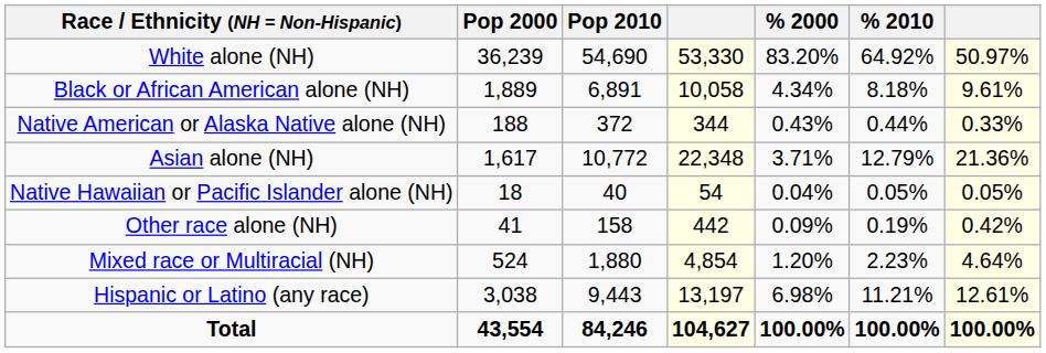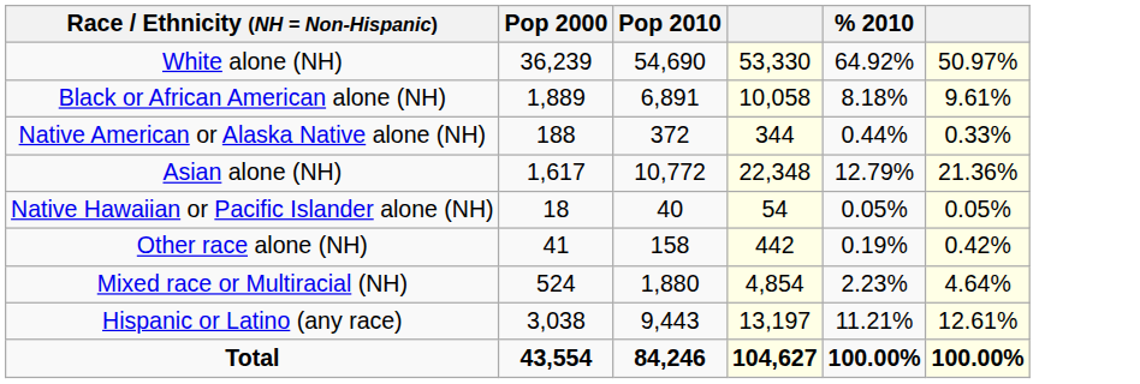 <table class="wikitable" style="text-align:center;">
 <tr>
 <th>Race / Ethnicity <small>(<em>NH = Non-Hispanic</em>)</small></th>
 <th>Pop 2000</th>
 <th>Pop 2010</th>
 <th></th>
-<th>% 2000</th>
 <th>% 2010</th>
 <th></th>
 </tr>
 <tr>
 <td><a href='#'>White</a> alone (NH)</td>
 <td>36,239</td>
 <td>54,690</td>
 <td style='background: #ffffe6;'>53,330</td>
-<td>83.20%</td>
 <td>64.92%</td>
 <td style='background: #ffffe6;'>50.97%</td>
 </tr>
 <tr>
 <td><a href='#'>Black or African American</a> alone (NH)</td>
 <td>1,889</td>
 <td>6,891</td>
 <td style='background: #ffffe6;'>10,058</td>
-<td>4.34%</td>
 <td>8.18%</td>
 <td style='background: #ffffe6;'>9.61%</td>
 </tr>
 <tr>
 <td><a href='#'>Native American</a> or <a href='#'>Alaska Native</a> alone (NH)</td>
 <td>188</td>
 <td>372</td>
 <td style='background: #ffffe6;'>344</td>
-<td>0.43%</td>
 <td>0.44%</td>
 <td style='background: #ffffe6;'>0.33%</td>
 </tr>
 <tr>
 <td><a href='#'>Asian</a> alone (NH)</td>
 <td>1,617</td>
 <td>10,772</td>
 <td style='background: #ffffe6;'>22,348</td>
-<td>3.71%</td>
 <td>12.79%</td>
 <td style='background: #ffffe6;'>21.36%</td>
 </tr>
 <tr>
 <td><a href='#'>Native Hawaiian</a> or <a href='#'>Pacific Islander</a> alone (NH)</td>
 <td>18</td>
 <td>40</td>
 <td style='background: #ffffe6;'>54</td>
-<td>0.04%</td>
 <td>0.05%</td>
 <td style='background: #ffffe6;'>0.05%</td>
 </tr>
 <tr>
 <td><a href='#'>Other race</a> alone (NH)</td>
 <td>41</td>
 <td>158</td>
 <td style='background: #ffffe6;'>442</td>
-<td>0.09%</td>
 <td>0.19%</td>
 <td style='background: #ffffe6;'>0.42%</td>
 </tr>
 <tr>
 <td><a href='#'>Mixed race or Multiracial</a> (NH)</td>
 <td>524</td>
 <td>1,880</td>
 <td style='background: #ffffe6;'>4,854</td>
-<td>1.20%</td>
 <td>2.23%</td>
 <td style='background: #ffffe6;'>4.64%</td>
 </tr>
 <tr>
 <td><a href='#'>Hispanic or Latino</a> (any race)</td>
 <td>3,038</td>
 <td>9,443</td>
 <td style='background: #ffffe6;'>13,197</td>
-<td>6.98%</td>
 <td>11.21%</td>
 <td style='background: #ffffe6;'>12.61%</td>
 </tr>
 <tr>
 <td><strong>Total</strong></td>
 <td><strong>43,554</strong></td>
 <td><strong>84,246</strong></td>
 <td style='background: #ffffe6;'><strong>104,627</strong></td>
 <td><strong>100.00%</strong></td>
-<td><strong>100.00%</strong></td>
 <td style='background: #ffffe6;'><strong>100.00%</strong></td>
 </tr>
 </table>
